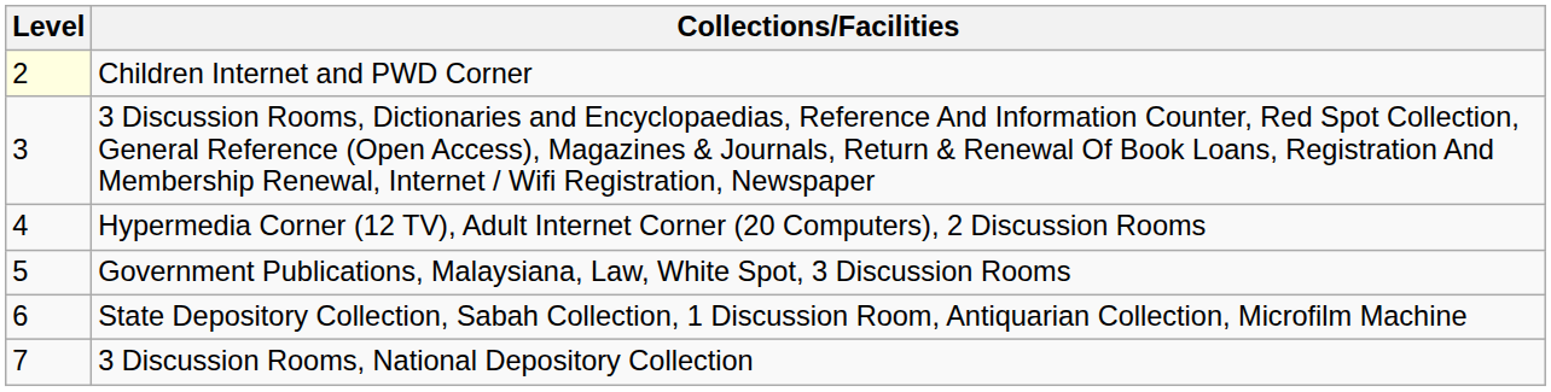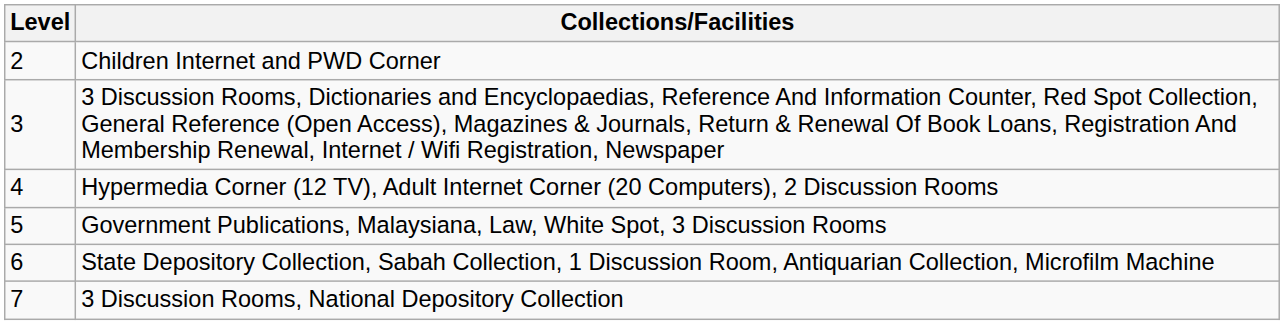 <table class=wikitable>
 <tr>
 <th>Level</th>
 <th>Collections/Facilities</th>
 </tr>
 <tr>
-<td style="background: lightyellow;">2</td>
+<td>2</td>
 <td>Children Internet and PWD Corner</td>
 </tr>
 <tr>
 <td>3</td>
 <td>3 Discussion Rooms, Dictionaries and Encyclopaedias, Reference And Information Counter, Red Spot Collection, General Reference (Open Access), Magazines & Journals, Return & Renewal Of Book Loans, Registration And Membership Renewal, Internet / Wifi Registration, Newspaper</td>
 </tr>
 <tr>
 <td>4</td>
 <td>Hypermedia Corner (12 TV), Adult Internet Corner (20 Computers), 2 Discussion Rooms</td>
 </tr>
 <tr>
 <td>5</td>
 <td>Government Publications, Malaysiana, Law, White Spot, 3 Discussion Rooms</td>
 </tr>
 <tr>
 <td>6</td>
 <td>State Depository Collection, Sabah Collection, 1 Discussion Room, Antiquarian Collection, Microfilm Machine</td>
 </tr>
 <tr>
 <td>7</td>
 <td>3 Discussion Rooms, National Depository Collection</td>
 </tr>
 </table>
